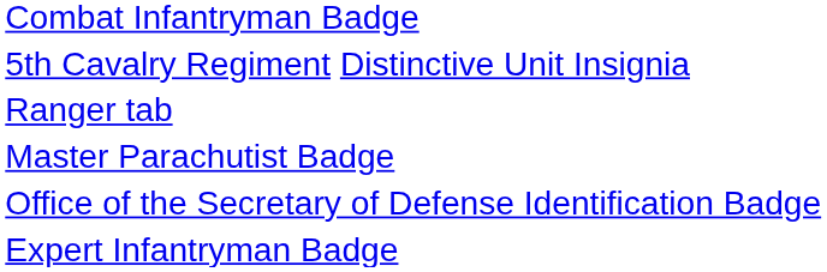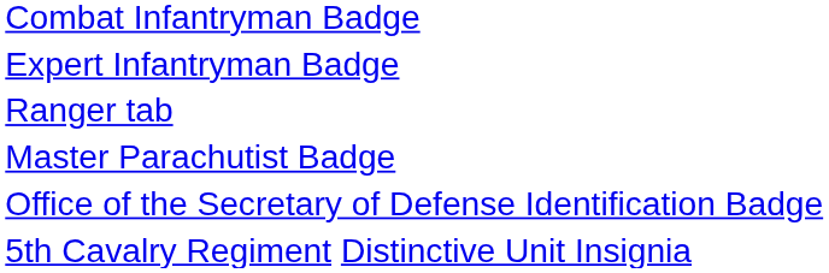 <table>
 <tr>
 <td> <a href='#'>Combat Infantryman Badge</a></td>
 </tr>
 <tr>
-<td> <a href='#'>5th Cavalry Regiment</a> <a href='#'>Distinctive Unit Insignia</a></td>
+<td> <a href='#'>Expert Infantryman Badge</a></td>
 </tr>
 <tr>
 <td> <a href='#'>Ranger tab</a></td>
 </tr>
 <tr>
 <td> <a href='#'>Master Parachutist Badge</a></td>
 </tr>
 <tr>
 <td> <a href='#'>Office of the Secretary of Defense Identification Badge</a></td>
 </tr>
 <tr>
-<td> <a href='#'>Expert Infantryman Badge</a></td>
+<td> <a href='#'>5th Cavalry Regiment</a> <a href='#'>Distinctive Unit Insignia</a></td>
 </tr>
 </table>
